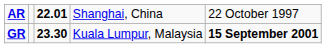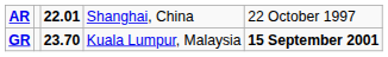 <table class="wikitable" style="font-size:95%; position:relative;">
 <tr>
 <td align=center><strong><a href='#'>AR</a></strong></td>
 <td></td>
 <td><strong>22.01</strong></td>
 <td><a href='#'>Shanghai</a>, China</td>
 <td>22 October 1997</td>
 </tr>
 <tr>
 <td align=center><strong><a href='#'>GR</a></strong></td>
 <td></td>
-<td><strong>23.30</strong></td>
+<td><strong>23.70</strong></td>
 <td><a href='#'>Kuala Lumpur</a>, Malaysia</td>
 <td><strong>15 September 2001</strong></td>
 </tr>
 </table>
